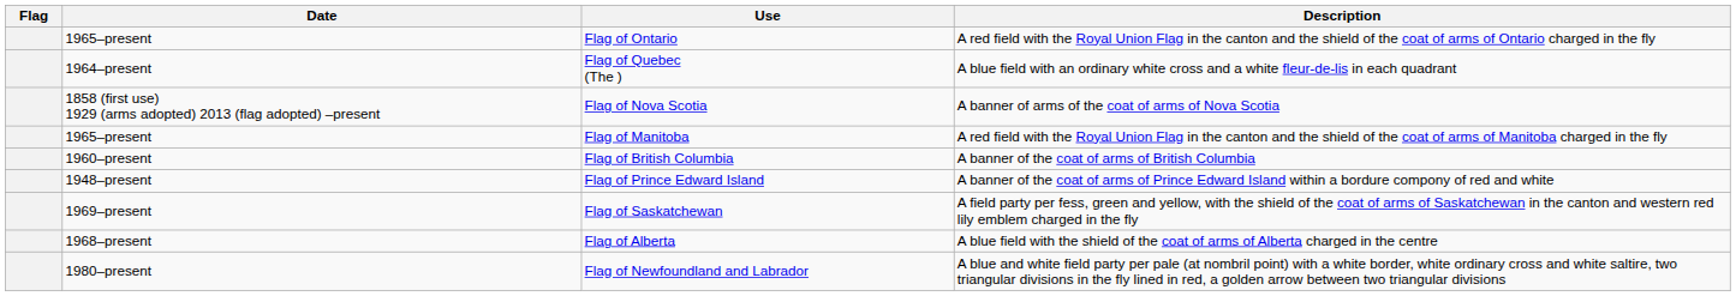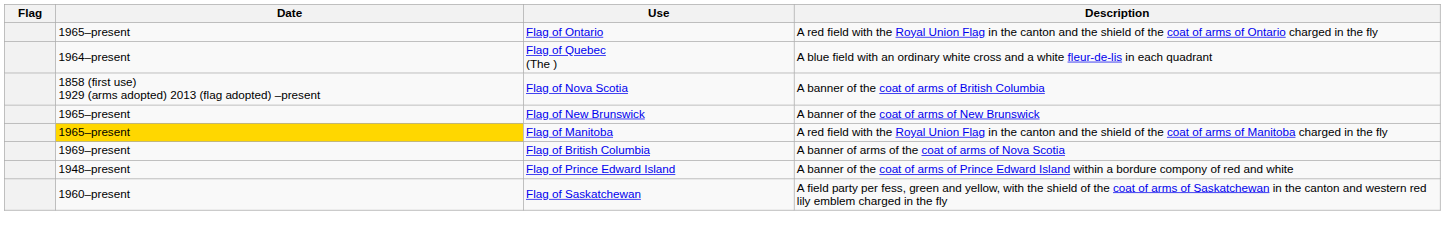 <table class="wikitable">
 <tr>
 <th scope="col">Flag</th>
 <th scope="col">Date</th>
 <th scope="col">Use</th>
 <th scope="col" style="width: 45%;">Description</th>
 </tr>
 <tr>
 <th scope="row"></th>
 <td>1965–present</td>
 <td><a href='#'>Flag of Ontario</a></td>
 <td>A red field with the <a href='#'>Royal Union Flag</a> in the canton and the shield of the <a href='#'>coat of arms of Ontario</a> charged in the fly</td>
 </tr>
 <tr>
 <th scope="row"></th>
 <td>1964–present</td>
 <td><a href='#'>Flag of Quebec</a><br>(The <em></em>)</td>
 <td>A blue field with an ordinary white cross and a white <a href='#'>fleur-de-lis</a> in each quadrant</td>
 </tr>
 <tr>
 <th scope="row"></th>
 <td>1858 (first use)<br>1929 (arms adopted) 2013 (flag adopted) –present</td>
 <td><a href='#'>Flag of Nova Scotia</a></td>
-<td>A banner of arms of the <a href='#'>coat of arms of Nova Scotia</a></td>
+<td>A banner of the <a href='#'>coat of arms of British Columbia</a></td>
 </tr>
 <tr>
 <th scope="row"></th>
 <td>1965–present</td>
+<td><a href='#'>Flag of New Brunswick</a></td>
+<td>A banner of the <a href='#'>coat of arms of New Brunswick</a></td>
+</tr>
+<tr>
+<th scope="row"></th>
+<td style="background: gold;">1965–present</td>
 <td><a href='#'>Flag of Manitoba</a></td>
 <td>A red field with the <a href='#'>Royal Union Flag</a> in the canton and the shield of the <a href='#'>coat of arms of Manitoba</a> charged in the fly</td>
 </tr>
 <tr>
 <th scope="row"></th>
-<td>1960–present</td>
+<td>1969–present</td>
 <td><a href='#'>Flag of British Columbia</a></td>
-<td>A banner of the <a href='#'>coat of arms of British Columbia</a></td>
+<td>A banner of arms of the <a href='#'>coat of arms of Nova Scotia</a></td>
 </tr>
 <tr>
 <th scope="row"></th>
 <td>1948–present</td>
 <td><a href='#'>Flag of Prince Edward Island</a></td>
 <td>A banner of the <a href='#'>coat of arms of Prince Edward Island</a> within a bordure compony of red and white</td>
 </tr>
 <tr>
 <th scope="row"></th>
-<td>1969–present</td>
+<td>1960–present</td>
 <td><a href='#'>Flag of Saskatchewan</a></td>
 <td>A field party per fess, green and yellow, with the shield of the <a href='#'>coat of arms of Saskatchewan</a> in the canton and western red lily emblem charged in the fly</td>
 </tr>
-<tr>
-<th scope="row"></th>
-<td>1968–present</td>
-<td><a href='#'>Flag of Alberta</a></td>
-<td>A blue field with the shield of the <a href='#'>coat of arms of Alberta</a> charged in the centre</td>
-</tr>
-<tr>
-<th scope="row"></th>
-<td>1980–present</td>
-<td><a href='#'>Flag of Newfoundland and Labrador</a></td>
-<td>A blue and white field party per pale (at nombril point) with a white border, white ordinary cross and white saltire, two triangular divisions in the fly lined in red, a golden arrow between two triangular divisions</td>
-</tr>
 </table>
